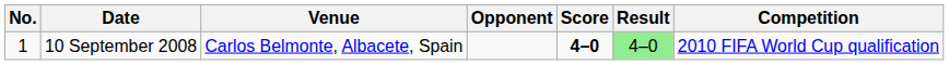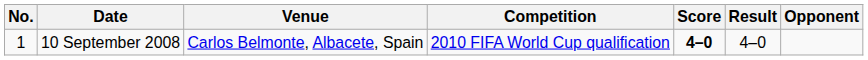 <table class="wikitable sortable">
 <tr>
 <th scope="col">No.</th>
 <th scope="col">Date</th>
 <th scope="col">Venue</th>
-<th scope="col">Opponent</th>
+<th scope="col">Competition</th>
 <th scope="col">Score</th>
 <th scope="col">Result</th>
-<th scope="col">Competition</th>
+<th scope="col">Opponent</th>
 </tr>
 <tr>
 <td align="center">1</td>
 <td>10 September 2008</td>
 <td><a href='#'>Carlos Belmonte</a>, <a href='#'>Albacete</a>, Spain</td>
+<td><a href='#'>2010 FIFA World Cup qualification</a></td>
+<td align="center"><strong>4–0</strong></td>
+<td align="center">4–0</td>
 <td></td>
-<td align="center"><strong>4–0</strong></td>
-<td align="center" style="background: lightgreen;">4–0</td>
-<td><a href='#'>2010 FIFA World Cup qualification</a></td>
 </tr>
 </table>
